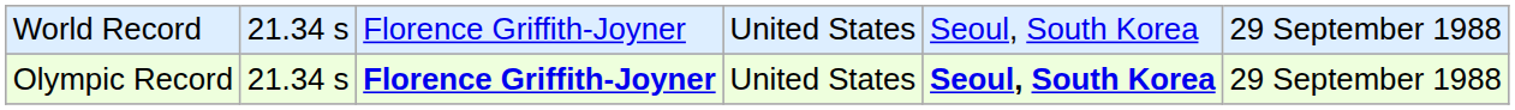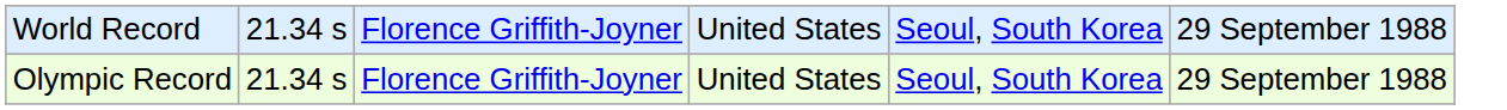 <table class="wikitable">
 <tr bgcolor = "ddeeff">
 <td>World Record</td>
 <td>21.34 s</td>
 <td><a href='#'>Florence Griffith-Joyner</a></td>
 <td>United States</td>
 <td><a href='#'>Seoul</a>, <a href='#'>South Korea</a></td>
 <td>29 September 1988</td>
 </tr>
 <tr bgcolor = "eeffdd">
 <td>Olympic Record</td>
 <td>21.34 s</td>
-<td><strong><a href='#'>Florence Griffith-Joyner</a></strong></td>
+<td><a href='#'>Florence Griffith-Joyner</a></td>
 <td>United States</td>
-<td><strong><a href='#'>Seoul</a>, <a href='#'>South Korea</a></strong></td>
+<td><a href='#'>Seoul</a>, <a href='#'>South Korea</a></td>
 <td>29 September 1988</td>
 </tr>
 </table>
